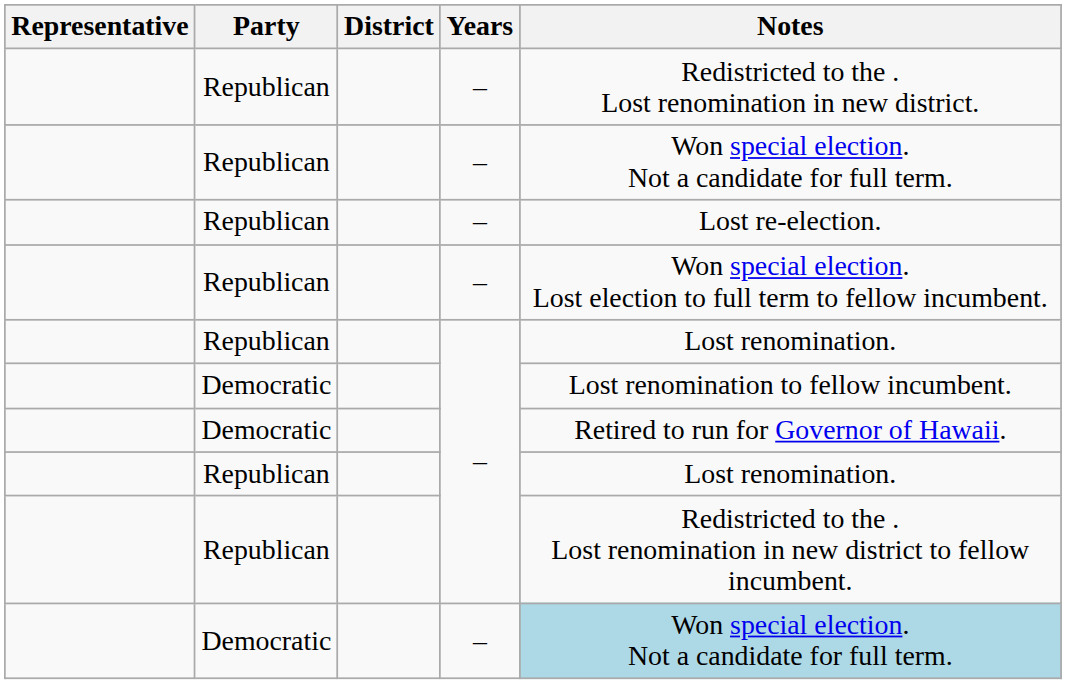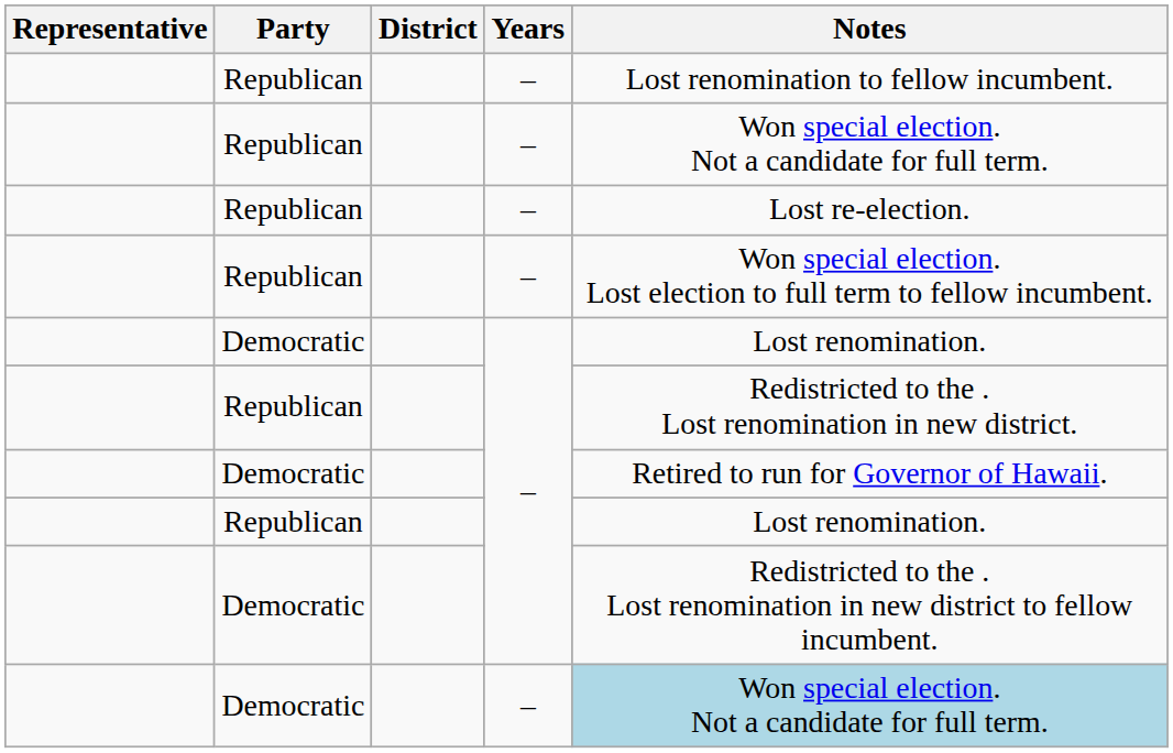 <table class="wikitable sortable" style="text-align:center">
 <tr valign=bottom>
 <th>Representative</th>
 <th>Party</th>
 <th>District</th>
 <th>Years</th>
 <th>Notes</th>
 </tr>
 <tr>
 <td align=left></td>
 <td>Republican</td>
 <td></td>
 <td nowrap> –<br></td>
-<td>Redistricted to the .<br>Lost renomination in new district.</td>
+<td>Lost renomination to fellow incumbent.</td>
 </tr>
 <tr>
 <td align=left></td>
 <td>Republican</td>
 <td></td>
 <td nowrap> –<br></td>
 <td>Won <a href='#'>special election</a>.<br>Not a candidate for full term.</td>
 </tr>
 <tr>
 <td align=left></td>
 <td>Republican</td>
 <td></td>
 <td nowrap> –<br></td>
 <td>Lost re-election.</td>
 </tr>
 <tr>
 <td align=left></td>
 <td>Republican</td>
 <td></td>
 <td nowrap> –<br></td>
 <td>Won <a href='#'>special election</a>.<br>Lost election to full term to fellow incumbent.</td>
 </tr>
 <tr>
 <td align=left></td>
-<td>Republican</td>
+<td>Democratic</td>
 <td></td>
 <td rowspan="5" nowrap=""> –<br></td>
 <td>Lost renomination.</td>
 </tr>
 <tr>
 <td align=left></td>
-<td>Democratic</td>
+<td>Republican</td>
 <td></td>
-<td>Lost renomination to fellow incumbent.</td>
+<td>Redistricted to the .<br>Lost renomination in new district.</td>
 </tr>
 <tr>
 <td align=left></td>
 <td>Democratic</td>
 <td></td>
 <td>Retired to run for <a href='#'>Governor of Hawaii</a>.</td>
 </tr>
 <tr>
 <td align=left></td>
 <td>Republican</td>
 <td></td>
 <td>Lost renomination.</td>
 </tr>
 <tr>
 <td align=left></td>
-<td>Republican</td>
+<td>Democratic</td>
 <td></td>
 <td>Redistricted to the .<br>Lost renomination in new district to fellow incumbent.</td>
 </tr>
 <tr>
 <td align=left></td>
 <td>Democratic</td>
 <td></td>
 <td nowrap> –<br></td>
 <td style="background: lightblue;">Won <a href='#'>special election</a>.<br>Not a candidate for full term.</td>
 </tr>
 </table>
